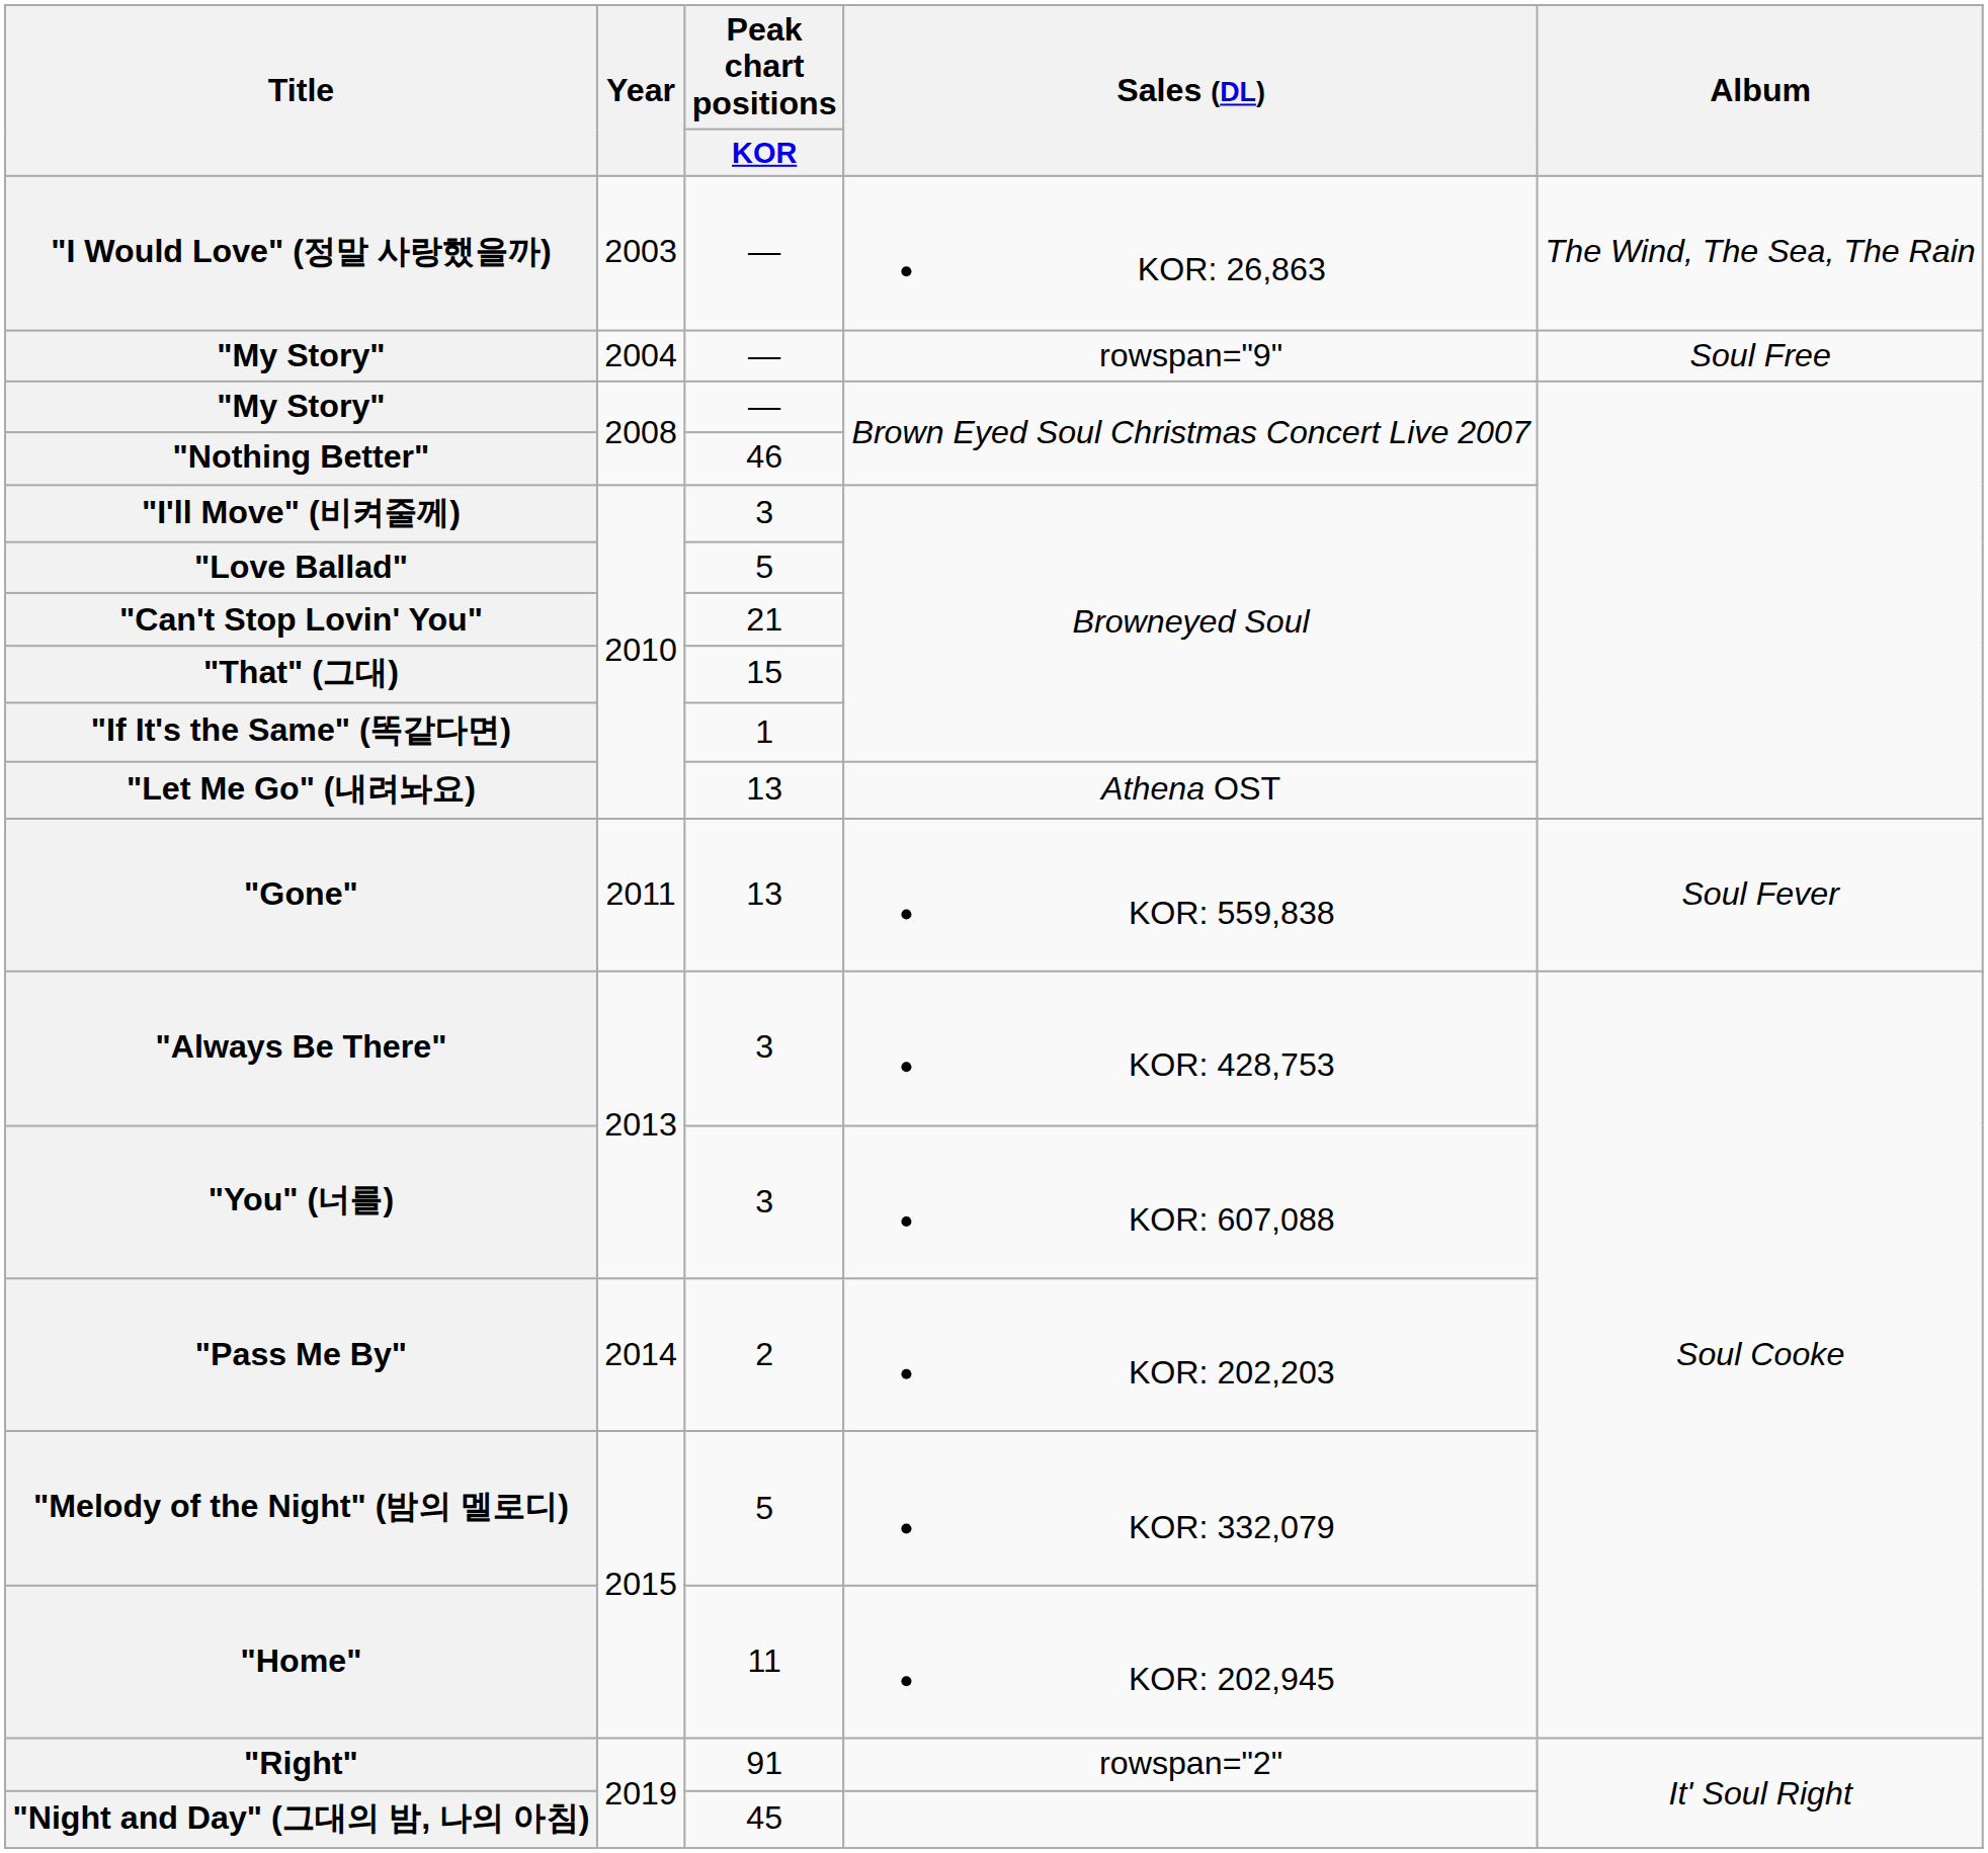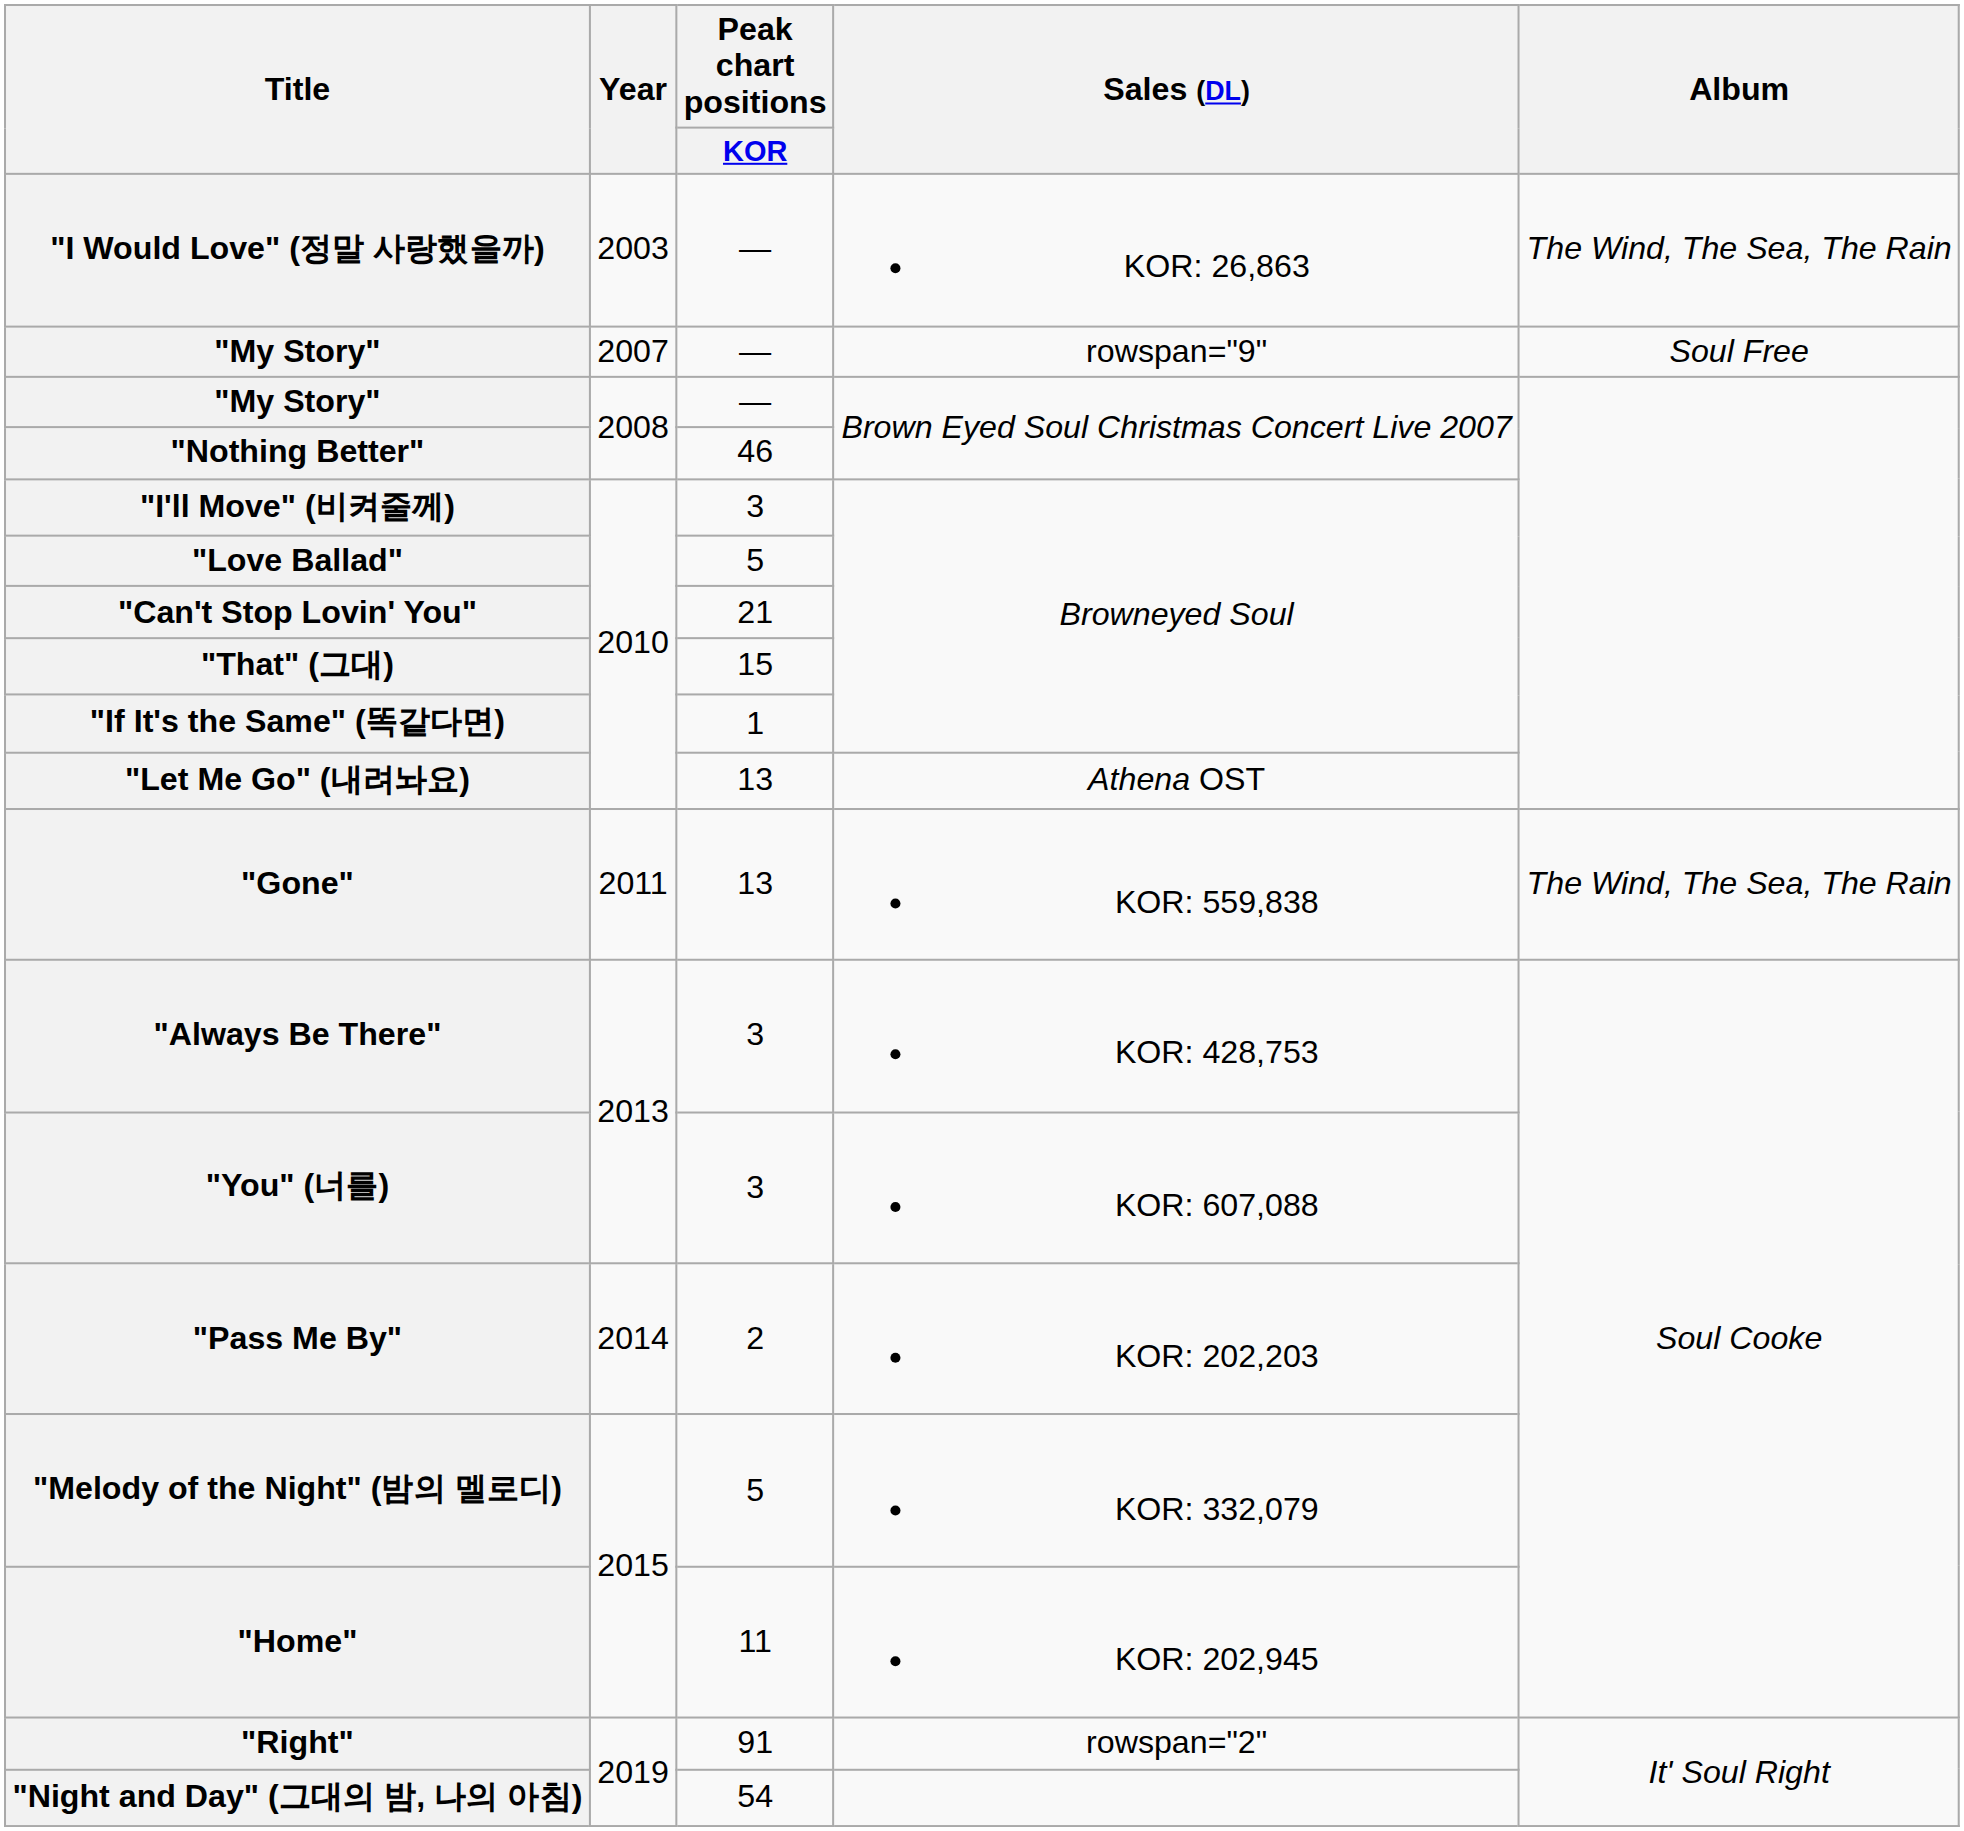 <table class="wikitable plainrowheaders" style="text-align:center;">
 <tr>
 <th scope="col" rowspan="2">Title</th>
 <th scope="col" rowspan="2">Year</th>
 <th scope="col" colspan="1">Peak chart positions</th>
 <th scope="col" rowspan="2">Sales <small>(<a href='#'>DL</a>)</small></th>
 <th scope="col" rowspan="2">Album</th>
 </tr>
 <tr>
 <th scope="col" style="width:3.5em;font-size:90%;"><a href='#'>KOR</a><br></th>
 </tr>
 <tr>
 <th scope="row">"I Would Love" (정말 사랑했을까)</th>
 <td>2003</td>
 <td>—</td>
 <td><br><ul><li>KOR: 26,863</li></ul></td>
 <td><em>The Wind, The Sea, The Rain</em></td>
 </tr>
 <tr>
 <th scope="row">"My Story"</th>
-<td>2004</td>
+<td>2007</td>
 <td>—</td>
 <td>rowspan="9" </td>
 <td><em>Soul Free</em></td>
 </tr>
 <tr>
 <th scope="row">"My Story" </th>
 <td rowspan="2">2008</td>
 <td>—</td>
 <td rowspan="2"><em>Brown Eyed Soul Christmas Concert Live 2007</em></td>
 </tr>
 <tr>
 <th scope="row">"Nothing Better" </th>
 <td>46</td>
 </tr>
 <tr>
 <th scope="row">"I'll Move" (비켜줄께)</th>
 <td rowspan="6">2010</td>
 <td>3</td>
 <td rowspan="5"><em>Browneyed Soul</em></td>
 </tr>
 <tr>
 <th scope="row">"Love Ballad"</th>
 <td>5</td>
 </tr>
 <tr>
 <th scope="row">"Can't Stop Lovin' You"</th>
 <td>21</td>
 </tr>
 <tr>
 <th scope="row">"That" (그대)</th>
 <td>15</td>
 </tr>
 <tr>
 <th scope="row">"If It's the Same" (똑같다면)</th>
 <td>1</td>
 </tr>
 <tr>
 <th scope="row">"Let Me Go" (내려놔요)</th>
 <td>13</td>
 <td><em>Athena</em> OST</td>
 </tr>
 <tr>
 <th scope="row">"Gone" </th>
 <td>2011</td>
 <td>13</td>
 <td><br><ul><li>KOR: 559,838</li></ul></td>
-<td><em>Soul Fever</em></td>
+<td><em>The Wind, The Sea, The Rain</em></td>
 </tr>
 <tr>
 <th scope="row">"Always Be There"</th>
 <td rowspan="2">2013</td>
 <td>3</td>
 <td><br><ul><li>KOR: 428,753</li></ul></td>
 <td rowspan="5"><em>Soul Cooke</em></td>
 </tr>
 <tr>
 <th scope="row">"You" (너를)</th>
 <td>3</td>
 <td><br><ul><li>KOR: 607,088</li></ul></td>
 </tr>
 <tr>
 <th scope="row">"Pass Me By"</th>
 <td>2014</td>
 <td>2</td>
 <td><br><ul><li>KOR: 202,203</li></ul></td>
 </tr>
 <tr>
 <th scope="row">"Melody of the Night" (밤의 멜로디)</th>
 <td rowspan="2">2015</td>
 <td>5</td>
 <td><br><ul><li>KOR: 332,079</li></ul></td>
 </tr>
 <tr>
 <th scope="row">"Home"</th>
 <td>11</td>
 <td><br><ul><li>KOR: 202,945</li></ul></td>
 </tr>
 <tr>
 <th scope="row">"Right"<br></th>
 <td rowspan="2">2019</td>
 <td>91</td>
 <td>rowspan="2" </td>
 <td rowspan="2"><em>It' Soul Right</em></td>
 </tr>
 <tr>
 <th scope="row">"Night and Day" (그대의 밤, 나의 아침)</th>
-<td>45</td>
+<td>54</td>
 </tr>
 </table>
